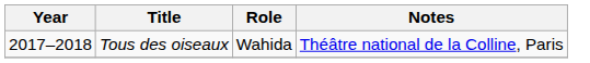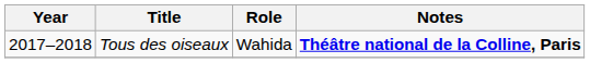 <table class="wikitable sortable">
 <tr>
 <th>Year</th>
 <th>Title</th>
 <th>Role</th>
 <th class="unsortable">Notes</th>
 </tr>
 <tr>
 <td>2017–2018</td>
 <td><em>Tous des oiseaux</em></td>
 <td>Wahida</td>
-<td><a href='#'>Théâtre national de la Colline</a>, Paris</td>
+<td><strong><a href='#'>Théâtre national de la Colline</a>, Paris</strong></td>
 </tr>
 <tr>
 </tr>
 </table>
